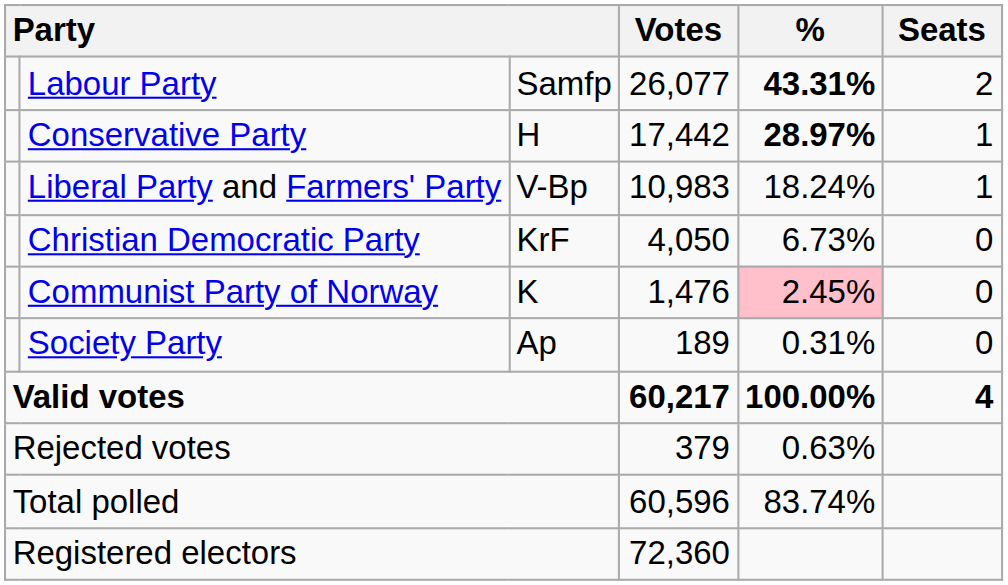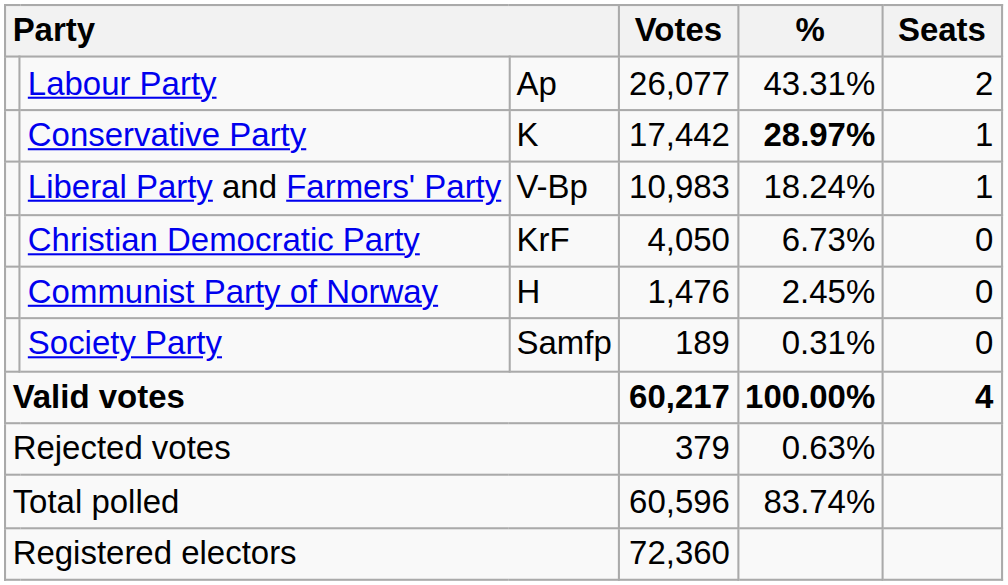 <table class="wikitable" border="1" style="text-align:right;">
 <tr>
 <th style="text-align:left;" colspan=3>Party</th>
 <th align=center width="50">Votes</th>
 <th align=center width="50">%</th>
 <th align=center width="50">Seats</th>
 </tr>
 <tr>
 <td style="color:inherit;background:"></td>
 <td align=left><a href='#'>Labour Party</a></td>
-<td align=left>Samfp</td>
+<td align=left>Ap</td>
 <td>26,077</td>
-<td><strong>43.31%</strong></td>
+<td>43.31%</td>
 <td>2</td>
 </tr>
 <tr>
 <td style="color:inherit;background:"></td>
 <td align=left><a href='#'>Conservative Party</a></td>
-<td align=left>H</td>
+<td align=left>K</td>
 <td>17,442</td>
 <td><strong>28.97%</strong></td>
 <td>1</td>
 </tr>
 <tr>
 <td></td>
 <td align=left><a href='#'>Liberal Party</a> and <a href='#'>Farmers' Party</a></td>
 <td align=left>V-Bp</td>
 <td>10,983</td>
 <td>18.24%</td>
 <td>1</td>
 </tr>
 <tr>
 <td style="color:inherit;background:"></td>
 <td align=left><a href='#'>Christian Democratic Party</a></td>
 <td align=left>KrF</td>
 <td>4,050</td>
 <td>6.73%</td>
 <td>0</td>
 </tr>
 <tr>
 <td style="color:inherit;background:"></td>
 <td align=left><a href='#'>Communist Party of Norway</a></td>
-<td align=left>K</td>
+<td align=left>H</td>
 <td>1,476</td>
-<td style="background: pink;">2.45%</td>
+<td>2.45%</td>
 <td>0</td>
 </tr>
 <tr>
 <td></td>
 <td align=left><a href='#'>Society Party</a></td>
-<td align=left>Ap</td>
+<td align=left>Samfp</td>
 <td>189</td>
 <td>0.31%</td>
 <td>0</td>
 </tr>
 <tr style="font-weight:bold">
 <td align=left colspan=3>Valid votes</td>
 <td>60,217</td>
 <td>100.00%</td>
 <td>4</td>
 </tr>
 <tr>
 <td align=left colspan=3>Rejected votes</td>
 <td>379</td>
 <td>0.63%</td>
 <td></td>
 </tr>
 <tr>
 <td align=left colspan=3>Total polled</td>
 <td>60,596</td>
 <td>83.74%</td>
 <td></td>
 </tr>
 <tr>
 <td align=left colspan=3>Registered electors</td>
 <td>72,360</td>
 <td></td>
 <td></td>
 </tr>
 </table>
